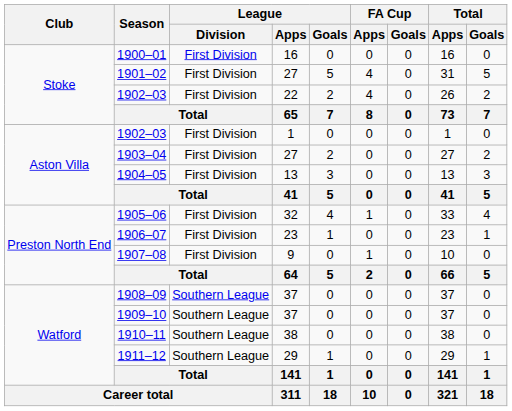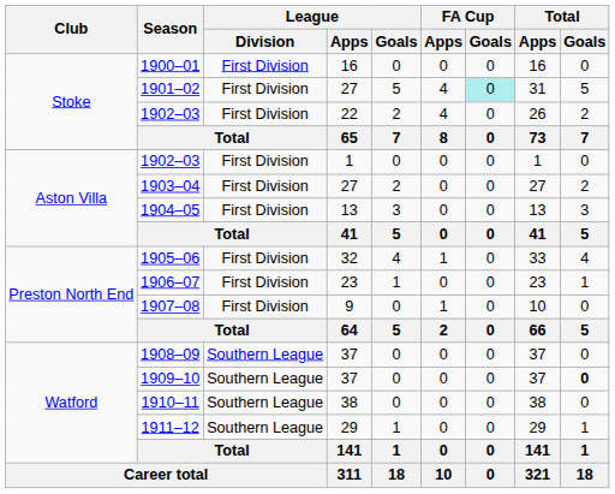 <table class="wikitable" style="text-align: center;">
 <tr>
 <th rowspan="2">Club</th>
 <th rowspan="2">Season</th>
 <th colspan="3">League</th>
 <th colspan="2">FA Cup</th>
 <th colspan="2">Total</th>
 </tr>
 <tr>
 <th>Division</th>
 <th>Apps</th>
 <th>Goals</th>
 <th>Apps</th>
 <th>Goals</th>
 <th>Apps</th>
 <th>Goals</th>
 </tr>
 <tr>
 <td rowspan="4"><a href='#'>Stoke</a></td>
 <td><a href='#'>1900–01</a></td>
 <td><a href='#'>First Division</a></td>
 <td>16</td>
 <td>0</td>
 <td>0</td>
 <td>0</td>
 <td>16</td>
 <td>0</td>
 </tr>
 <tr>
 <td><a href='#'>1901–02</a></td>
 <td>First Division</td>
 <td>27</td>
 <td>5</td>
 <td>4</td>
-<td>0</td>
+<td style="background: paleturquoise;">0</td>
 <td>31</td>
 <td>5</td>
 </tr>
 <tr>
 <td><a href='#'>1902–03</a></td>
 <td>First Division</td>
 <td>22</td>
 <td>2</td>
 <td>4</td>
 <td>0</td>
 <td>26</td>
 <td>2</td>
 </tr>
 <tr>
 <th colspan=2>Total</th>
 <th>65</th>
 <th>7</th>
 <th>8</th>
 <th>0</th>
 <th>73</th>
 <th>7</th>
 </tr>
 <tr>
 <td rowspan="4"><a href='#'>Aston Villa</a></td>
 <td><a href='#'>1902–03</a></td>
 <td>First Division</td>
 <td>1</td>
 <td>0</td>
 <td>0</td>
 <td>0</td>
 <td>1</td>
 <td>0</td>
 </tr>
 <tr>
 <td><a href='#'>1903–04</a></td>
 <td>First Division</td>
 <td>27</td>
 <td>2</td>
 <td>0</td>
 <td>0</td>
 <td>27</td>
 <td>2</td>
 </tr>
 <tr>
 <td><a href='#'>1904–05</a></td>
 <td>First Division</td>
 <td>13</td>
 <td>3</td>
 <td>0</td>
 <td>0</td>
 <td>13</td>
 <td>3</td>
 </tr>
 <tr>
 <th colspan=2>Total</th>
 <th>41</th>
 <th>5</th>
 <th>0</th>
 <th>0</th>
 <th>41</th>
 <th>5</th>
 </tr>
 <tr>
 <td rowspan="4"><a href='#'>Preston North End</a></td>
 <td><a href='#'>1905–06</a></td>
 <td>First Division</td>
 <td>32</td>
 <td>4</td>
 <td>1</td>
 <td>0</td>
 <td>33</td>
 <td>4</td>
 </tr>
 <tr>
 <td><a href='#'>1906–07</a></td>
 <td>First Division</td>
 <td>23</td>
 <td>1</td>
 <td>0</td>
 <td>0</td>
 <td>23</td>
 <td>1</td>
 </tr>
 <tr>
 <td><a href='#'>1907–08</a></td>
 <td>First Division</td>
 <td>9</td>
 <td>0</td>
 <td>1</td>
 <td>0</td>
 <td>10</td>
 <td>0</td>
 </tr>
 <tr>
 <th colspan=2>Total</th>
 <th>64</th>
 <th>5</th>
 <th>2</th>
 <th>0</th>
 <th>66</th>
 <th>5</th>
 </tr>
 <tr>
 <td rowspan=5><a href='#'>Watford</a></td>
 <td><a href='#'>1908–09</a></td>
 <td><a href='#'>Southern League</a></td>
 <td>37</td>
 <td>0</td>
 <td>0</td>
 <td>0</td>
 <td>37</td>
 <td>0</td>
 </tr>
 <tr>
 <td><a href='#'>1909–10</a></td>
 <td>Southern League</td>
 <td>37</td>
 <td>0</td>
 <td>0</td>
 <td>0</td>
 <td>37</td>
-<td>0</td>
+<td><strong>0</strong></td>
 </tr>
 <tr>
 <td><a href='#'>1910–11</a></td>
 <td>Southern League</td>
 <td>38</td>
 <td>0</td>
 <td>0</td>
 <td>0</td>
 <td>38</td>
 <td>0</td>
 </tr>
 <tr>
 <td><a href='#'>1911–12</a></td>
 <td>Southern League</td>
 <td>29</td>
 <td>1</td>
 <td>0</td>
 <td>0</td>
 <td>29</td>
 <td>1</td>
 </tr>
 <tr>
 <th colspan=2>Total</th>
 <th>141</th>
 <th>1</th>
 <th>0</th>
 <th>0</th>
 <th>141</th>
 <th>1</th>
 </tr>
 <tr>
 <th colspan="3">Career total</th>
 <th>311</th>
 <th>18</th>
 <th>10</th>
 <th>0</th>
 <th>321</th>
 <th>18</th>
 </tr>
 </table>
